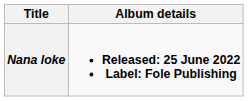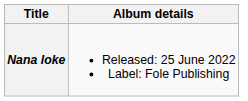 <table class="wikitable plainrowheaders" style="text-align:center;">
 <tr>
 <th scope="col">Title</th>
 <th scope="col">Album details</th>
 </tr>
 <tr>
 <th scope="row"><em>Nana loke</em></th>
-<td><strong><br><ul><li>Released: 25 June 2022</li><li>Label: Fole Publishing</li></ul></strong></td>
+<td><br><ul><li>Released: 25 June 2022</li><li>Label: Fole Publishing</li></ul></td>
 </tr>
 </table>
